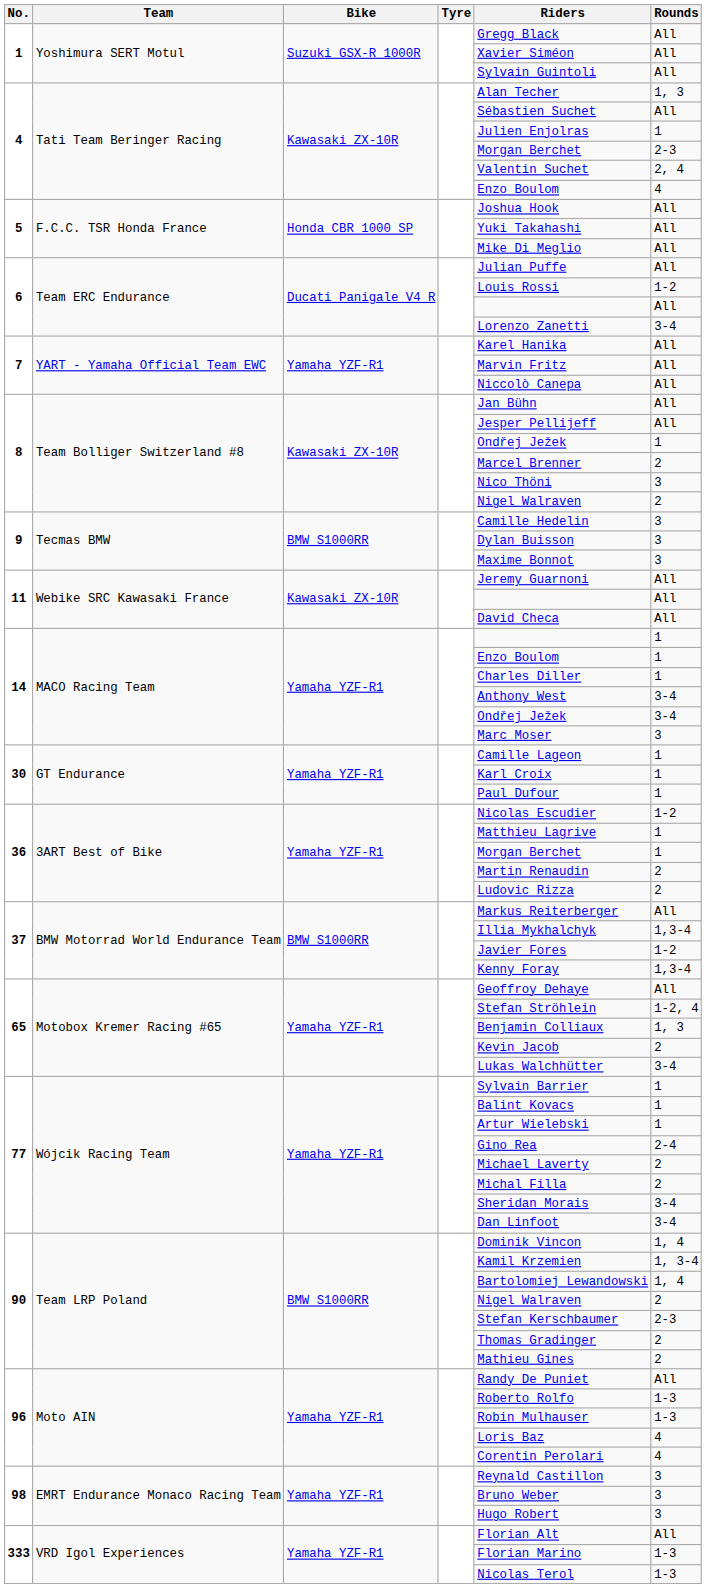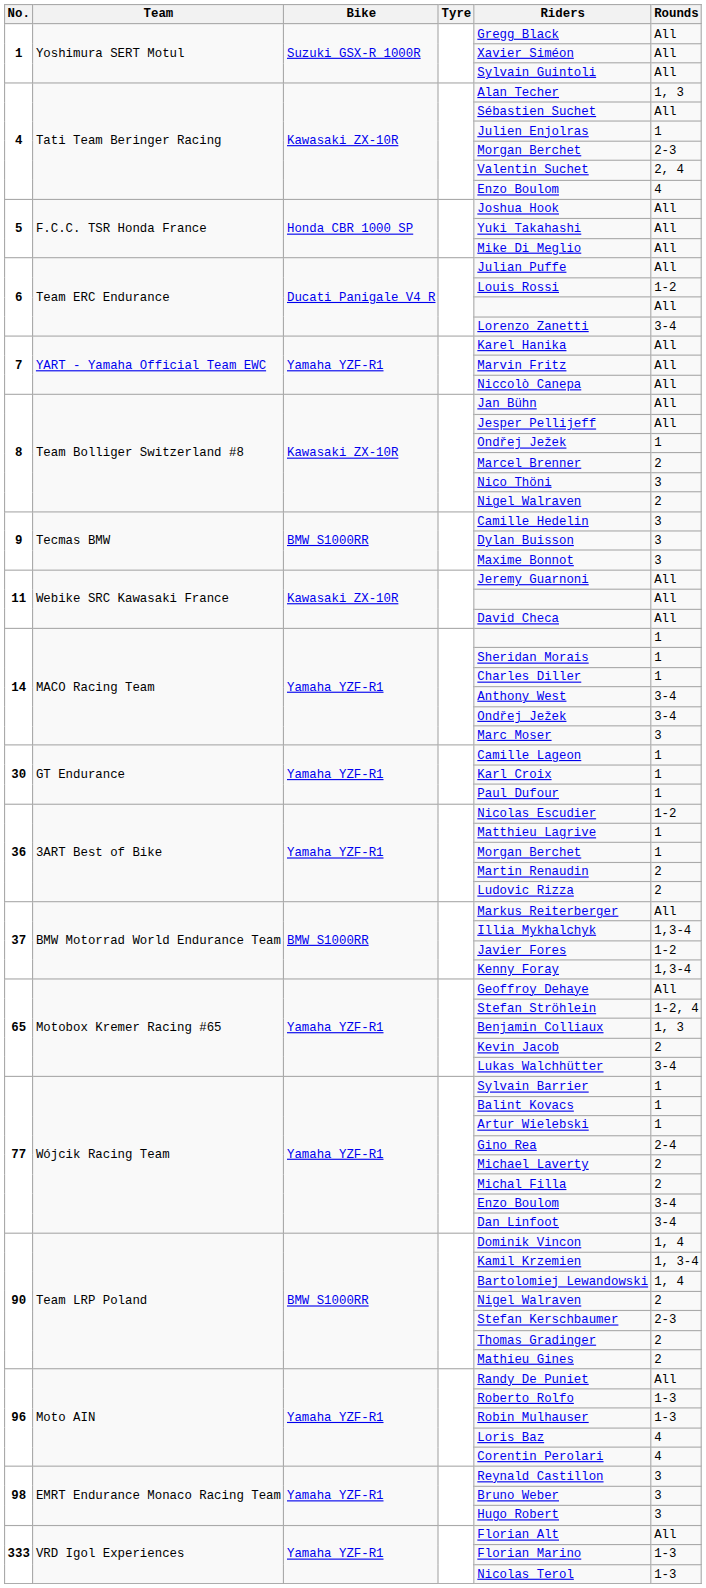 <table class="wikitable" style="font-size: 85%">
 <tr>
 <th>No.</th>
 <th>Team</th>
 <th>Bike</th>
 <th>Tyre</th>
 <th>Riders</th>
 <th>Rounds</th>
 </tr>
 <tr>
 <td rowspan=3 style="background:white; text-align:center;"><strong>1</strong></td>
 <td rowspan=3> Yoshimura SERT Motul</td>
 <td rowspan=3><a href='#'>Suzuki GSX-R 1000R</a></td>
 <td rowspan=3 style="background:white; text-align:center;"></td>
 <td> <a href='#'>Gregg Black</a></td>
 <td>All</td>
 </tr>
 <tr>
 <td> <a href='#'>Xavier Siméon</a></td>
 <td>All</td>
 </tr>
 <tr>
 <td> <a href='#'>Sylvain Guintoli</a></td>
 <td>All</td>
 </tr>
 <tr>
 <td rowspan=6 style="background:white; text-align:center;"><strong>4</strong></td>
 <td rowspan=6> Tati Team Beringer Racing</td>
 <td rowspan=6><a href='#'>Kawasaki ZX-10R</a></td>
 <td rowspan=6 style="background:white; text-align:center;"></td>
 <td> <a href='#'>Alan Techer</a></td>
 <td>1, 3</td>
 </tr>
 <tr>
 <td> <a href='#'>Sébastien Suchet</a></td>
 <td>All</td>
 </tr>
 <tr>
 <td> <a href='#'>Julien Enjolras</a></td>
 <td>1</td>
 </tr>
 <tr>
 <td> <a href='#'>Morgan Berchet</a></td>
 <td>2-3</td>
 </tr>
 <tr>
 <td> <a href='#'>Valentin Suchet</a></td>
 <td>2, 4</td>
 </tr>
 <tr>
 <td> <a href='#'>Enzo Boulom</a></td>
 <td>4</td>
 </tr>
 <tr>
 <td rowspan=3 style="background:white; text-align:center;"><strong>5</strong></td>
 <td rowspan=3> F.C.C. TSR Honda France</td>
 <td rowspan=3><a href='#'>Honda CBR 1000 SP</a></td>
 <td rowspan=3 style="background:white; text-align:center;"></td>
 <td> <a href='#'>Joshua Hook</a></td>
 <td>All</td>
 </tr>
 <tr>
 <td> <a href='#'>Yuki Takahashi</a></td>
 <td>All</td>
 </tr>
 <tr>
 <td> <a href='#'>Mike Di Meglio</a></td>
 <td>All</td>
 </tr>
 <tr>
 <td rowspan=4 style="background:white; text-align:center;"><strong>6</strong></td>
 <td rowspan=4> Team ERC Endurance</td>
 <td rowspan=4><a href='#'>Ducati Panigale V4 R</a></td>
 <td rowspan=4 style="background:white; text-align:center;"></td>
 <td> <a href='#'>Julian Puffe</a></td>
 <td>All</td>
 </tr>
 <tr>
 <td> <a href='#'>Louis Rossi</a></td>
 <td>1-2</td>
 </tr>
 <tr>
 <td> </td>
 <td>All</td>
 </tr>
 <tr>
 <td> <a href='#'>Lorenzo Zanetti</a></td>
 <td>3-4</td>
 </tr>
 <tr>
 <td rowspan=3 style="background:white; text-align:center;"><strong>7</strong></td>
 <td rowspan=3> <a href='#'>YART - Yamaha Official Team EWC</a></td>
 <td rowspan=3><a href='#'>Yamaha YZF-R1</a></td>
 <td rowspan=3 style="background:white; text-align:center;"></td>
 <td> <a href='#'>Karel Hanika</a></td>
 <td>All</td>
 </tr>
 <tr>
 <td> <a href='#'>Marvin Fritz</a></td>
 <td>All</td>
 </tr>
 <tr>
 <td> <a href='#'>Niccolò Canepa</a></td>
 <td>All</td>
 </tr>
 <tr>
 <td rowspan=6 style="background:white; text-align:center;"><strong>8</strong></td>
 <td rowspan=6> Team Bolliger Switzerland #8</td>
 <td rowspan=6><a href='#'>Kawasaki ZX-10R</a></td>
 <td rowspan=6 style="background:white; text-align:center;"></td>
 <td> <a href='#'>Jan Bühn</a></td>
 <td>All</td>
 </tr>
 <tr>
 <td> <a href='#'>Jesper Pellijeff</a></td>
 <td>All</td>
 </tr>
 <tr>
 <td> <a href='#'>Ondřej Ježek</a></td>
 <td>1</td>
 </tr>
 <tr>
 <td> <a href='#'>Marcel Brenner</a></td>
 <td>2</td>
 </tr>
 <tr>
 <td> <a href='#'>Nico Thöni</a></td>
 <td>3</td>
 </tr>
 <tr>
 <td> <a href='#'>Nigel Walraven</a></td>
 <td>2</td>
 </tr>
 <tr>
 <td rowspan=3 style="background:white; text-align:center;"><strong>9</strong></td>
 <td rowspan=3> Tecmas BMW</td>
 <td rowspan=3><a href='#'>BMW S1000RR</a></td>
 <td rowspan=3 style="background:white; text-align:center;"></td>
 <td> <a href='#'>Camille Hedelin</a></td>
 <td>3</td>
 </tr>
 <tr>
 <td> <a href='#'>Dylan Buisson</a></td>
 <td>3</td>
 </tr>
 <tr>
 <td> <a href='#'>Maxime Bonnot</a></td>
 <td>3</td>
 </tr>
 <tr>
 <td rowspan=3 style="background:white; text-align:center;"><strong>11</strong></td>
 <td rowspan=3> Webike SRC Kawasaki France</td>
 <td rowspan=3><a href='#'>Kawasaki ZX-10R</a></td>
 <td rowspan=3 style="background:white; text-align:center;"></td>
 <td> <a href='#'>Jeremy Guarnoni</a></td>
 <td>All</td>
 </tr>
 <tr>
 <td> </td>
 <td>All</td>
 </tr>
 <tr>
 <td> <a href='#'>David Checa</a></td>
 <td>All</td>
 </tr>
 <tr>
 <td rowspan=6 style="background:white; text-align:center;"><strong>14</strong></td>
 <td rowspan=6> MACO Racing Team</td>
 <td rowspan=6><a href='#'>Yamaha YZF-R1</a></td>
 <td rowspan=6 style="background:white; text-align:center;"></td>
 <td> </td>
 <td>1</td>
 </tr>
 <tr>
-<td> <a href='#'>Enzo Boulom</a></td>
+<td> <a href='#'>Sheridan Morais</a></td>
 <td>1</td>
 </tr>
 <tr>
 <td> <a href='#'>Charles Diller</a></td>
 <td>1</td>
 </tr>
 <tr>
 <td> <a href='#'>Anthony West</a></td>
 <td>3-4</td>
 </tr>
 <tr>
 <td> <a href='#'>Ondřej Ježek</a></td>
 <td>3-4</td>
 </tr>
 <tr>
 <td> <a href='#'>Marc Moser</a></td>
 <td>3</td>
 </tr>
 <tr>
 <td rowspan=3 style="background:white; text-align:center;"><strong>30</strong></td>
 <td rowspan=3> GT Endurance</td>
 <td rowspan=3><a href='#'>Yamaha YZF-R1</a></td>
 <td rowspan=3 style="background:white; text-align:center;"></td>
 <td> <a href='#'>Camille Lageon</a></td>
 <td>1</td>
 </tr>
 <tr>
 <td> <a href='#'>Karl Croix</a></td>
 <td>1</td>
 </tr>
 <tr>
 <td> <a href='#'>Paul Dufour</a></td>
 <td>1</td>
 </tr>
 <tr>
 <td rowspan=5 style="background:white; text-align:center;"><strong>36</strong></td>
 <td rowspan=5> 3ART Best of Bike</td>
 <td rowspan=5><a href='#'>Yamaha YZF-R1</a></td>
 <td rowspan=5 style="background:white; text-align:center;"></td>
 <td> <a href='#'>Nicolas Escudier</a></td>
 <td>1-2</td>
 </tr>
 <tr>
 <td> <a href='#'>Matthieu Lagrive</a></td>
 <td>1</td>
 </tr>
 <tr>
 <td> <a href='#'>Morgan Berchet</a></td>
 <td>1</td>
 </tr>
 <tr>
 <td> <a href='#'>Martin Renaudin</a></td>
 <td>2</td>
 </tr>
 <tr>
 <td> <a href='#'>Ludovic Rizza</a></td>
 <td>2</td>
 </tr>
 <tr>
 <td rowspan=4 style="background:white; text-align:center;"><strong>37</strong></td>
 <td rowspan=4> BMW Motorrad World Endurance Team</td>
 <td rowspan=4><a href='#'>BMW S1000RR</a></td>
 <td rowspan=4 style="background:white; text-align:center;"></td>
 <td> <a href='#'>Markus Reiterberger</a></td>
 <td>All</td>
 </tr>
 <tr>
 <td> <a href='#'>Illia Mykhalchyk</a></td>
 <td>1,3-4</td>
 </tr>
 <tr>
 <td> <a href='#'>Javier Fores</a></td>
 <td>1-2</td>
 </tr>
 <tr>
 <td> <a href='#'>Kenny Foray</a></td>
 <td>1,3-4</td>
 </tr>
 <tr>
 <td rowspan=5 style="background:white; text-align:center;"><strong>65</strong></td>
 <td rowspan=5> Motobox Kremer Racing #65</td>
 <td rowspan=5><a href='#'>Yamaha YZF-R1</a></td>
 <td rowspan=5 style="background:white; text-align:center;"></td>
 <td> <a href='#'>Geoffroy Dehaye</a></td>
 <td>All</td>
 </tr>
 <tr>
 <td> <a href='#'>Stefan Ströhlein</a></td>
 <td>1-2, 4</td>
 </tr>
 <tr>
 <td> <a href='#'>Benjamin Colliaux</a></td>
 <td>1, 3</td>
 </tr>
 <tr>
 <td> <a href='#'>Kevin Jacob</a></td>
 <td>2</td>
 </tr>
 <tr>
 <td> <a href='#'>Lukas Walchhütter</a></td>
 <td>3-4</td>
 </tr>
 <tr>
 <td rowspan=8 style="background:white; text-align:center;"><strong>77</strong></td>
 <td rowspan=8> Wójcik Racing Team</td>
 <td rowspan=8><a href='#'>Yamaha YZF-R1</a></td>
 <td rowspan=8 style="background:white; text-align:center;"></td>
 <td> <a href='#'>Sylvain Barrier</a></td>
 <td>1</td>
 </tr>
 <tr>
 <td> <a href='#'>Balint Kovacs</a></td>
 <td>1</td>
 </tr>
 <tr>
 <td> <a href='#'>Artur Wielebski</a></td>
 <td>1</td>
 </tr>
 <tr>
 <td> <a href='#'>Gino Rea</a></td>
 <td>2-4</td>
 </tr>
 <tr>
 <td> <a href='#'>Michael Laverty</a></td>
 <td>2</td>
 </tr>
 <tr>
 <td> <a href='#'>Michal Filla</a></td>
 <td>2</td>
 </tr>
 <tr>
-<td> <a href='#'>Sheridan Morais</a></td>
+<td> <a href='#'>Enzo Boulom</a></td>
 <td>3-4</td>
 </tr>
 <tr>
 <td> <a href='#'>Dan Linfoot</a></td>
 <td>3-4</td>
 </tr>
 <tr>
 <td rowspan=7 style="background:white; text-align:center;"><strong>90</strong></td>
 <td rowspan=7> Team LRP Poland</td>
 <td rowspan=7><a href='#'>BMW S1000RR</a></td>
 <td rowspan=7 style="background:white; text-align:center;"></td>
 <td> <a href='#'>Dominik Vincon</a></td>
 <td>1, 4</td>
 </tr>
 <tr>
 <td> <a href='#'>Kamil Krzemien</a></td>
 <td>1, 3-4</td>
 </tr>
 <tr>
 <td> <a href='#'>Bartolomiej Lewandowski</a></td>
 <td>1, 4</td>
 </tr>
 <tr>
 <td> <a href='#'>Nigel Walraven</a></td>
 <td>2</td>
 </tr>
 <tr>
 <td> <a href='#'>Stefan Kerschbaumer</a></td>
 <td>2-3</td>
 </tr>
 <tr>
 <td> <a href='#'>Thomas Gradinger</a></td>
 <td>2</td>
 </tr>
 <tr>
 <td> <a href='#'>Mathieu Gines</a></td>
 <td>2</td>
 </tr>
 <tr>
 <td rowspan=5 style="background:white; text-align:center;"><strong>96</strong></td>
 <td rowspan=5> Moto AIN</td>
 <td rowspan=5><a href='#'>Yamaha YZF-R1</a></td>
 <td rowspan=5 style="background:white; text-align:center;"></td>
 <td> <a href='#'>Randy De Puniet</a></td>
 <td>All</td>
 </tr>
 <tr>
 <td> <a href='#'>Roberto Rolfo</a></td>
 <td>1-3</td>
 </tr>
 <tr>
 <td> <a href='#'>Robin Mulhauser</a></td>
 <td>1-3</td>
 </tr>
 <tr>
 <td> <a href='#'>Loris Baz</a></td>
 <td>4</td>
 </tr>
 <tr>
 <td> <a href='#'>Corentin Perolari</a></td>
 <td>4</td>
 </tr>
 <tr>
 <td rowspan=3 style="background:white; text-align:center;"><strong>98</strong></td>
 <td rowspan=3> EMRT Endurance Monaco Racing Team</td>
 <td rowspan=3><a href='#'>Yamaha YZF-R1</a></td>
 <td rowspan=3 style="background:white; text-align:center;"></td>
 <td> <a href='#'>Reynald Castillon</a></td>
 <td>3</td>
 </tr>
 <tr>
 <td> <a href='#'>Bruno Weber</a></td>
 <td>3</td>
 </tr>
 <tr>
 <td> <a href='#'>Hugo Robert</a></td>
 <td>3</td>
 </tr>
 <tr>
 <td rowspan=3 style="background:white; text-align:center;"><strong>333</strong></td>
 <td rowspan=3> VRD Igol Experiences</td>
 <td rowspan=3><a href='#'>Yamaha YZF-R1</a></td>
 <td rowspan=3 style="background:white; text-align:center;"></td>
 <td> <a href='#'>Florian Alt</a></td>
 <td>All</td>
 </tr>
 <tr>
 <td> <a href='#'>Florian Marino</a></td>
 <td>1-3</td>
 </tr>
 <tr>
 <td> <a href='#'>Nicolas Terol</a></td>
 <td>1-3</td>
 </tr>
 <tr>
 </tr>
 </table>
